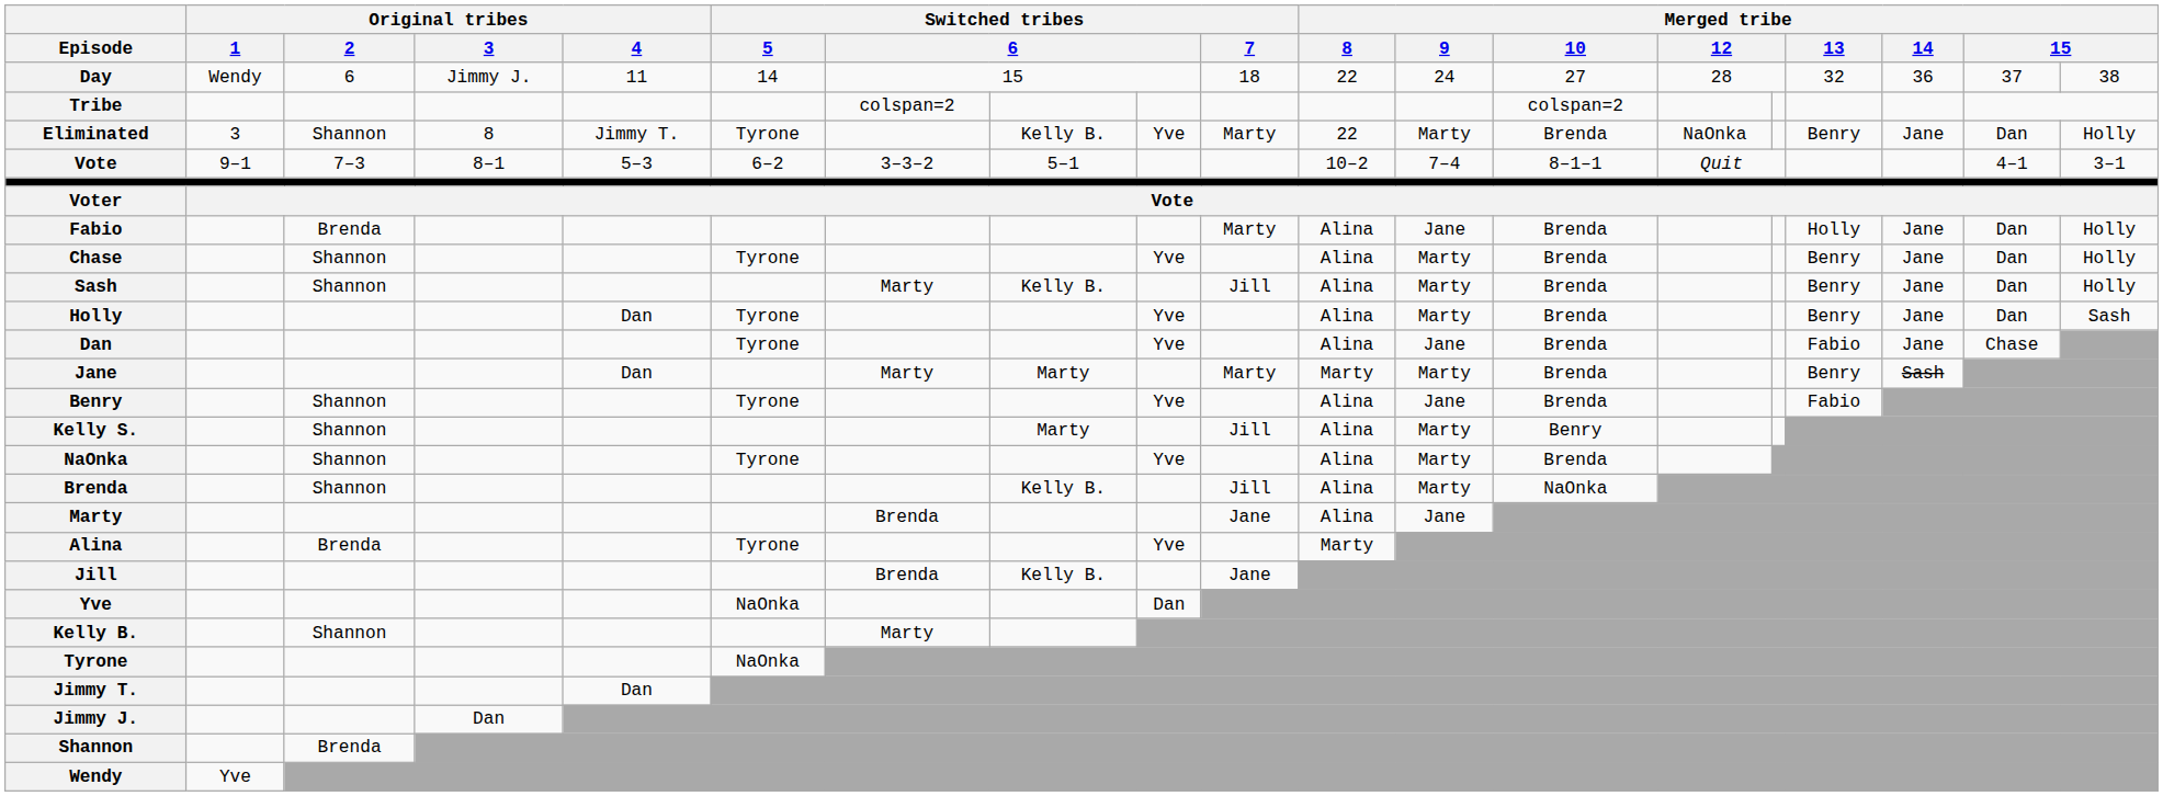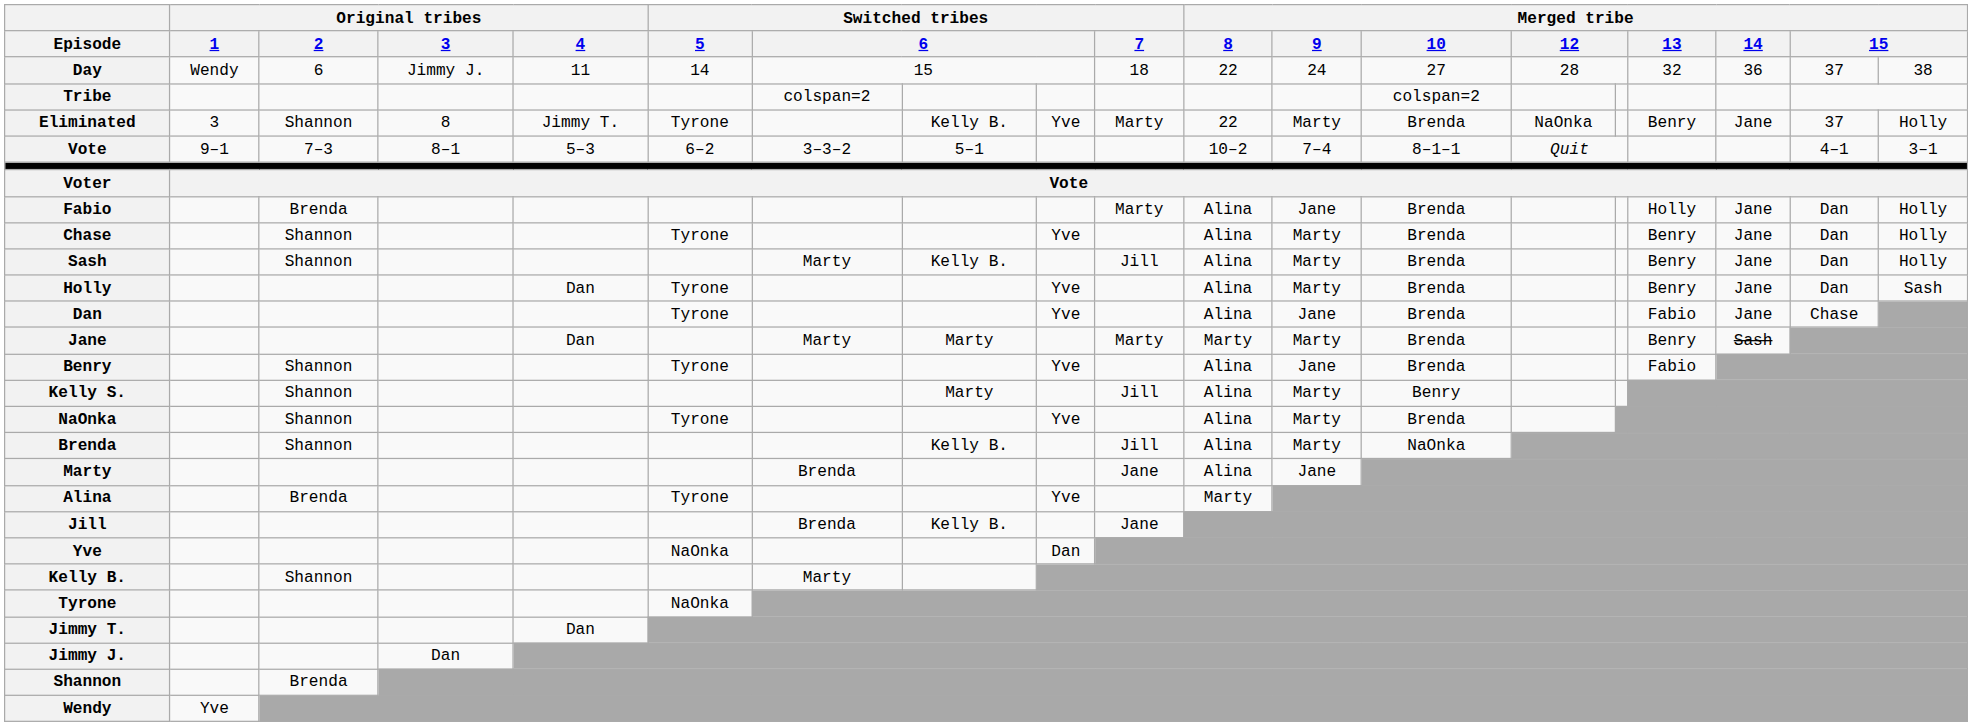 <table class="wikitable" style="text-align:center; width:100%">
 <tr>
 <th></th>
 <th colspan="4">Original tribes</th>
 <th colspan="5">Switched tribes</th>
 <th colspan="9">Merged tribe</th>
 </tr>
 <tr>
 <th>Episode</th>
 <th><a href='#'>1</a></th>
 <th><a href='#'>2</a></th>
 <th><a href='#'>3</a></th>
 <th><a href='#'>4</a></th>
 <th><a href='#'>5</a></th>
 <th colspan="3"><a href='#'>6</a></th>
 <th><a href='#'>7</a></th>
 <th><a href='#'>8</a></th>
 <th><a href='#'>9</a></th>
 <th><a href='#'>10</a></th>
 <th colspan="2"><a href='#'>12</a></th>
 <th><a href='#'>13</a></th>
 <th><a href='#'>14</a></th>
 <th colspan="2"><a href='#'>15</a></th>
 </tr>
 <tr>
 <th>Day</th>
 <td>Wendy</td>
 <td>6</td>
 <td>Jimmy J.</td>
 <td>11</td>
 <td>14</td>
 <td colspan="3">15</td>
 <td>18</td>
 <td>22</td>
 <td>24</td>
 <td>27</td>
 <td colspan="2">28</td>
 <td>32</td>
 <td>36</td>
 <td>37</td>
 <td>38</td>
 </tr>
 <tr>
 <th>Tribe</th>
 <td></td>
 <td></td>
 <td></td>
 <td></td>
 <td></td>
 <td>colspan=2 </td>
 <td></td>
 <td></td>
 <td></td>
 <td></td>
 <td></td>
 <td>colspan=2 </td>
 <td></td>
 <td></td>
 <td></td>
 <td></td>
 </tr>
 <tr>
 <th>Eliminated</th>
 <td>3</td>
 <td>Shannon</td>
 <td>8</td>
 <td>Jimmy T.</td>
 <td>Tyrone</td>
 <td></td>
 <td>Kelly B.</td>
 <td>Yve</td>
 <td>Marty</td>
 <td>22</td>
 <td>Marty</td>
 <td>Brenda</td>
 <td>NaOnka</td>
 <td></td>
 <td>Benry</td>
 <td>Jane</td>
-<td>Dan</td>
+<td>37</td>
 <td>Holly</td>
 </tr>
 <tr>
 <th>Vote</th>
 <td>9–1</td>
 <td>7–3</td>
 <td>8–1</td>
 <td>5–3</td>
 <td>6–2</td>
 <td>3–3–2</td>
 <td>5–1</td>
 <td></td>
 <td></td>
 <td>10–2</td>
 <td>7–4</td>
 <td>8–1–1</td>
 <td colspan="2"><em>Quit</em></td>
 <td></td>
 <td></td>
 <td>4–1</td>
 <td>3–1</td>
 </tr>
 <tr>
 <td colspan="21" bgcolor="black"></td>
 </tr>
 <tr>
 <th>Voter</th>
 <th colspan="18">Vote</th>
 </tr>
 <tr>
 <th>Fabio</th>
 <td></td>
 <td>Brenda</td>
 <td></td>
 <td></td>
 <td></td>
 <td></td>
 <td></td>
 <td></td>
 <td>Marty</td>
 <td>Alina</td>
 <td>Jane</td>
 <td>Brenda</td>
 <td></td>
 <td></td>
 <td>Holly</td>
 <td>Jane</td>
 <td>Dan</td>
 <td>Holly</td>
 </tr>
 <tr>
 <th>Chase</th>
 <td></td>
 <td>Shannon</td>
 <td></td>
 <td></td>
 <td>Tyrone</td>
 <td></td>
 <td></td>
 <td>Yve</td>
 <td></td>
 <td>Alina</td>
 <td>Marty</td>
 <td>Brenda</td>
 <td></td>
 <td></td>
 <td>Benry</td>
 <td>Jane</td>
 <td>Dan</td>
 <td>Holly</td>
 </tr>
 <tr>
 <th>Sash</th>
 <td></td>
 <td>Shannon</td>
 <td></td>
 <td></td>
 <td></td>
 <td>Marty</td>
 <td>Kelly B.</td>
 <td></td>
 <td>Jill</td>
 <td>Alina</td>
 <td>Marty</td>
 <td>Brenda</td>
 <td></td>
 <td></td>
 <td>Benry</td>
 <td>Jane</td>
 <td>Dan</td>
 <td>Holly</td>
 </tr>
 <tr>
 <th>Holly</th>
 <td></td>
 <td></td>
 <td></td>
 <td>Dan</td>
 <td>Tyrone</td>
 <td></td>
 <td></td>
 <td>Yve</td>
 <td></td>
 <td>Alina</td>
 <td>Marty</td>
 <td>Brenda</td>
 <td></td>
 <td></td>
 <td>Benry</td>
 <td>Jane</td>
 <td>Dan</td>
 <td>Sash</td>
 </tr>
 <tr>
 <th>Dan</th>
 <td></td>
 <td></td>
 <td></td>
 <td></td>
 <td>Tyrone</td>
 <td></td>
 <td></td>
 <td>Yve</td>
 <td></td>
 <td>Alina</td>
 <td>Jane</td>
 <td>Brenda</td>
 <td></td>
 <td></td>
 <td>Fabio</td>
 <td>Jane</td>
 <td>Chase</td>
 <td style="background:darkgrey;"></td>
 </tr>
 <tr>
 <th>Jane</th>
 <td></td>
 <td></td>
 <td></td>
 <td>Dan</td>
 <td></td>
 <td>Marty</td>
 <td>Marty</td>
 <td></td>
 <td>Marty</td>
 <td>Marty</td>
 <td>Marty</td>
 <td>Brenda</td>
 <td></td>
 <td></td>
 <td>Benry</td>
 <td><s>Sash</s></td>
 <td colspan="2" style="background:darkgrey;"></td>
 </tr>
 <tr>
 <th>Benry</th>
 <td></td>
 <td>Shannon</td>
 <td></td>
 <td></td>
 <td>Tyrone</td>
 <td></td>
 <td></td>
 <td>Yve</td>
 <td></td>
 <td>Alina</td>
 <td>Jane</td>
 <td>Brenda</td>
 <td></td>
 <td></td>
 <td>Fabio</td>
 <td colspan="3" style="background:darkgrey;"></td>
 </tr>
 <tr>
 <th>Kelly S.</th>
 <td></td>
 <td>Shannon</td>
 <td></td>
 <td></td>
 <td></td>
 <td></td>
 <td>Marty</td>
 <td></td>
 <td>Jill</td>
 <td>Alina</td>
 <td>Marty</td>
 <td>Benry</td>
 <td></td>
 <td></td>
 <td colspan="4" style="background:darkgrey;"></td>
 </tr>
 <tr>
 <th>NaOnka</th>
 <td></td>
 <td>Shannon</td>
 <td></td>
 <td></td>
 <td>Tyrone</td>
 <td></td>
 <td></td>
 <td>Yve</td>
 <td></td>
 <td>Alina</td>
 <td>Marty</td>
 <td>Brenda</td>
 <td></td>
 <td colspan="5" style="background:darkgrey;"></td>
 </tr>
 <tr>
 <th>Brenda</th>
 <td></td>
 <td>Shannon</td>
 <td></td>
 <td></td>
 <td></td>
 <td></td>
 <td>Kelly B.</td>
 <td></td>
 <td>Jill</td>
 <td>Alina</td>
 <td>Marty</td>
 <td>NaOnka</td>
 <td colspan="6" style="background:darkgrey;"></td>
 </tr>
 <tr>
 <th>Marty</th>
 <td></td>
 <td></td>
 <td></td>
 <td></td>
 <td></td>
 <td>Brenda</td>
 <td></td>
 <td></td>
 <td>Jane</td>
 <td>Alina</td>
 <td>Jane</td>
 <td colspan="7" style="background:darkgrey;"></td>
 </tr>
 <tr>
 <th>Alina</th>
 <td></td>
 <td>Brenda</td>
 <td></td>
 <td></td>
 <td>Tyrone</td>
 <td></td>
 <td></td>
 <td>Yve</td>
 <td></td>
 <td>Marty</td>
 <td colspan="8" style="background:darkgrey;"></td>
 </tr>
 <tr>
 <th>Jill</th>
 <td></td>
 <td></td>
 <td></td>
 <td></td>
 <td></td>
 <td>Brenda</td>
 <td>Kelly B.</td>
 <td></td>
 <td>Jane</td>
 <td colspan="9" style="background:darkgrey;"></td>
 </tr>
 <tr>
 <th>Yve</th>
 <td></td>
 <td></td>
 <td></td>
 <td></td>
 <td>NaOnka</td>
 <td></td>
 <td></td>
 <td>Dan</td>
 <td colspan="10" style="background:darkgrey;"></td>
 </tr>
 <tr>
 <th>Kelly B.</th>
 <td></td>
 <td>Shannon</td>
 <td></td>
 <td></td>
 <td></td>
 <td>Marty</td>
 <td></td>
 <td colspan="11" style="background:darkgrey;"></td>
 </tr>
 <tr>
 <th>Tyrone</th>
 <td></td>
 <td></td>
 <td></td>
 <td></td>
 <td>NaOnka</td>
 <td colspan="13" style="background:darkgrey;"></td>
 </tr>
 <tr>
 <th>Jimmy T.</th>
 <td></td>
 <td></td>
 <td></td>
 <td>Dan</td>
 <td colspan="14" style="background:darkgrey;"></td>
 </tr>
 <tr>
 <th>Jimmy J.</th>
 <td></td>
 <td></td>
 <td>Dan</td>
 <td colspan="15" style="background:darkgrey;"></td>
 </tr>
 <tr>
 <th>Shannon</th>
 <td></td>
 <td>Brenda</td>
 <td colspan="16" style="background:darkgrey;"></td>
 </tr>
 <tr>
 <th>Wendy</th>
 <td>Yve</td>
 <td colspan="17" style="background:darkgrey;"></td>
 </tr>
 </table>
